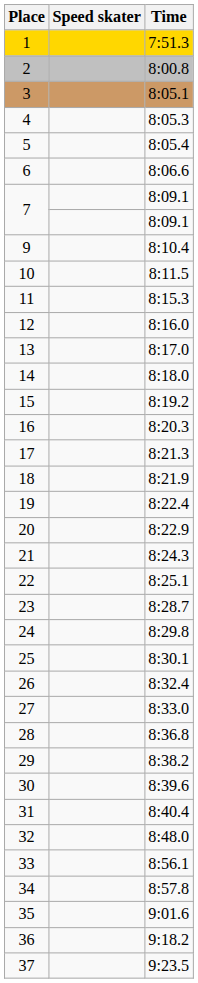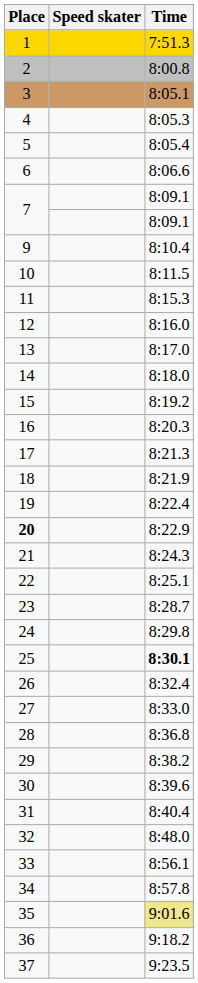 <table class="wikitable" style="text-align:center">
 <tr>
 <th>Place</th>
 <th>Speed skater</th>
 <th>Time</th>
 </tr>
 <tr bgcolor=gold>
 <td>1</td>
 <td align=left></td>
 <td>7:51.3</td>
 </tr>
 <tr bgcolor=silver>
 <td>2</td>
 <td align=left></td>
 <td>8:00.8</td>
 </tr>
 <tr bgcolor=cc9966>
 <td>3</td>
 <td align=left></td>
 <td>8:05.1</td>
 </tr>
 <tr>
 <td>4</td>
 <td align=left></td>
 <td>8:05.3</td>
 </tr>
 <tr>
 <td>5</td>
 <td align=left></td>
 <td>8:05.4</td>
 </tr>
 <tr>
 <td>6</td>
 <td align=left></td>
 <td>8:06.6</td>
 </tr>
 <tr>
 <td rowspan=2>7</td>
 <td align=left></td>
 <td>8:09.1</td>
 </tr>
 <tr>
 <td align=left></td>
 <td>8:09.1</td>
 </tr>
 <tr>
 <td>9</td>
 <td align=left></td>
 <td>8:10.4</td>
 </tr>
 <tr>
 <td>10</td>
 <td align=left></td>
 <td>8:11.5</td>
 </tr>
 <tr>
 <td>11</td>
 <td align=left></td>
 <td>8:15.3</td>
 </tr>
 <tr>
 <td>12</td>
 <td align=left></td>
 <td>8:16.0</td>
 </tr>
 <tr>
 <td>13</td>
 <td align=left></td>
 <td>8:17.0</td>
 </tr>
 <tr>
 <td>14</td>
 <td align=left></td>
 <td>8:18.0</td>
 </tr>
 <tr>
 <td>15</td>
 <td align=left></td>
 <td>8:19.2</td>
 </tr>
 <tr>
 <td>16</td>
 <td align=left></td>
 <td>8:20.3</td>
 </tr>
 <tr>
 <td>17</td>
 <td align=left></td>
 <td>8:21.3</td>
 </tr>
 <tr>
 <td>18</td>
 <td align=left></td>
 <td>8:21.9</td>
 </tr>
 <tr>
 <td>19</td>
 <td align=left></td>
 <td>8:22.4</td>
 </tr>
 <tr>
-<td>20</td>
+<td><strong>20</strong></td>
 <td Align=left></td>
 <td>8:22.9</td>
 </tr>
 <tr>
 <td>21</td>
 <td align=left></td>
 <td>8:24.3</td>
 </tr>
 <tr>
 <td>22</td>
 <td align=left></td>
 <td>8:25.1</td>
 </tr>
 <tr>
 <td>23</td>
 <td align=left></td>
 <td>8:28.7</td>
 </tr>
 <tr>
 <td>24</td>
 <td align=left></td>
 <td>8:29.8</td>
 </tr>
 <tr>
 <td>25</td>
 <td align=left></td>
-<td>8:30.1</td>
+<td><strong>8:30.1</strong></td>
 </tr>
 <tr>
 <td>26</td>
 <td align=left></td>
 <td>8:32.4</td>
 </tr>
 <tr>
 <td>27</td>
 <td align=left></td>
 <td>8:33.0</td>
 </tr>
 <tr>
 <td>28</td>
 <td align=left></td>
 <td>8:36.8</td>
 </tr>
 <tr>
 <td>29</td>
 <td align=left></td>
 <td>8:38.2</td>
 </tr>
 <tr>
 <td>30</td>
 <td align=left></td>
 <td>8:39.6</td>
 </tr>
 <tr>
 <td>31</td>
 <td align=left></td>
 <td>8:40.4</td>
 </tr>
 <tr>
 <td>32</td>
 <td align=left></td>
 <td>8:48.0</td>
 </tr>
 <tr>
 <td>33</td>
 <td align=left></td>
 <td>8:56.1</td>
 </tr>
 <tr>
 <td>34</td>
 <td align=left></td>
 <td>8:57.8</td>
 </tr>
 <tr>
 <td>35</td>
 <td align=left></td>
-<td>9:01.6</td>
+<td style="background: khaki;">9:01.6</td>
 </tr>
 <tr>
 <td>36</td>
 <td align=left></td>
 <td>9:18.2</td>
 </tr>
 <tr>
 <td>37</td>
 <td align=left></td>
 <td>9:23.5</td>
 </tr>
 </table>
